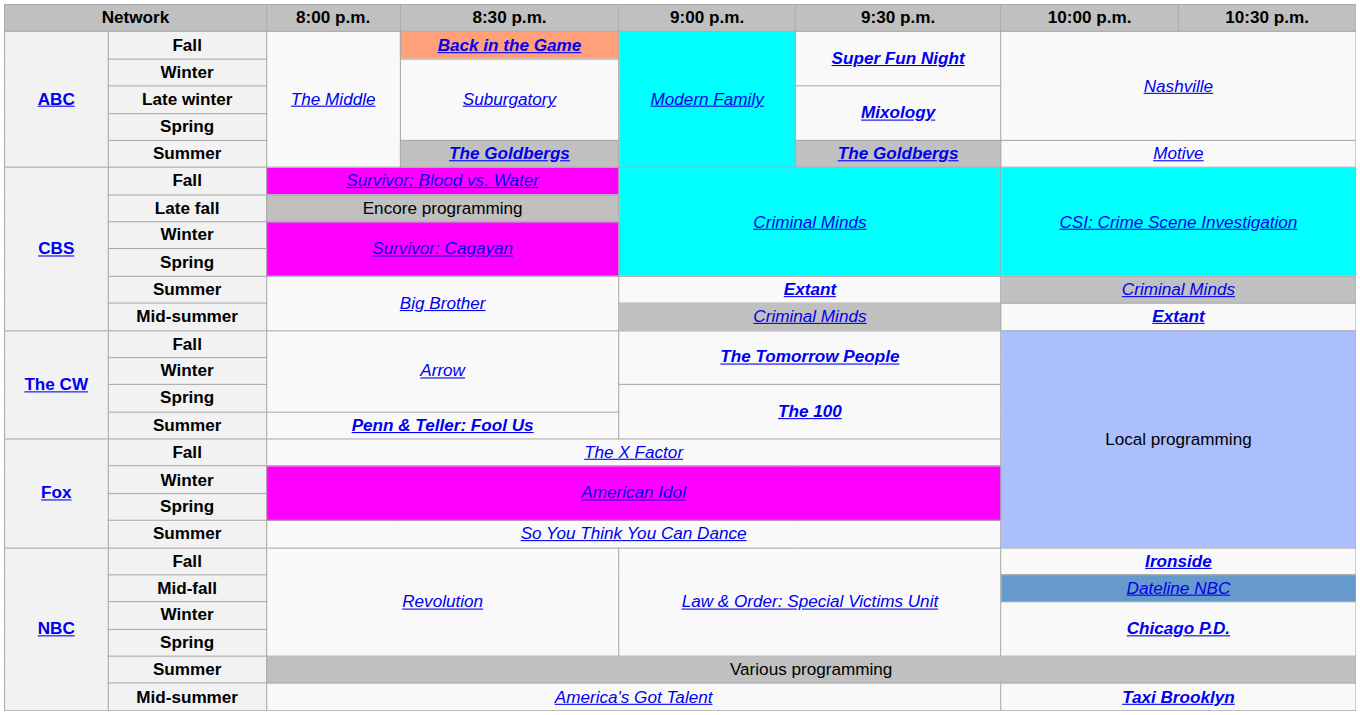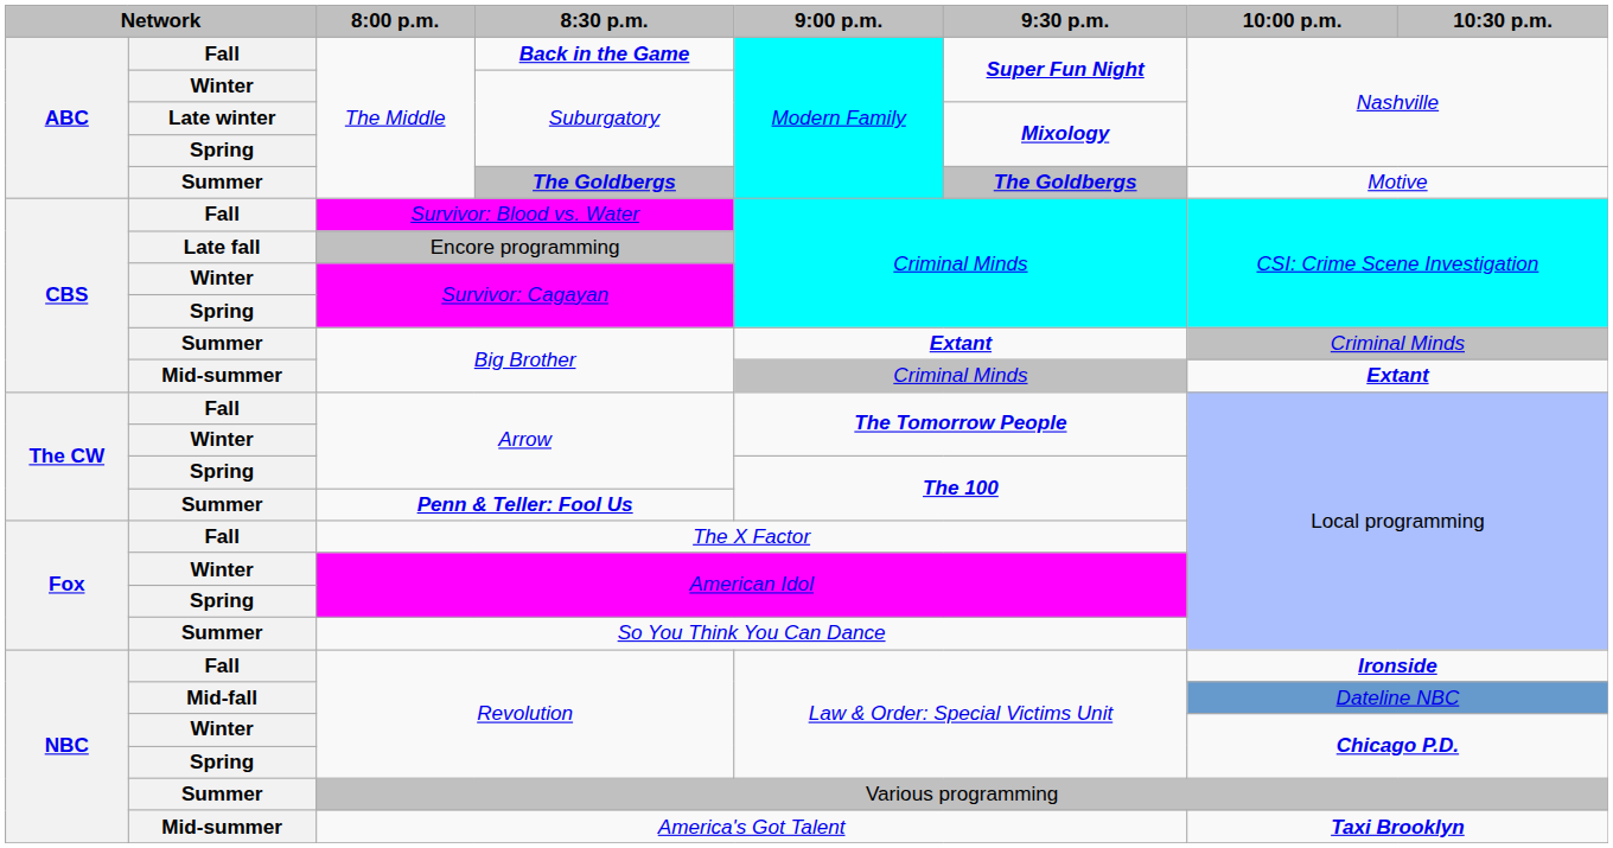 <table class="wikitable" style="width:100%;margin-right:0;text-align:center">
 <tr>
 <th colspan="2" style="background-color:#C0C0C0;text-align:center">Network</th>
 <th style="background-color:#C0C0C0;text-align:center">8:00 p.m.</th>
 <th style="background-color:#C0C0C0;text-align:center">8:30 p.m.</th>
 <th style="background-color:#C0C0C0;text-align:center">9:00 p.m.</th>
 <th style="background-color:#C0C0C0;text-align:center">9:30 p.m.</th>
 <th style="background-color:#C0C0C0;text-align:center">10:00 p.m.</th>
 <th style="background-color:#C0C0C0;text-align:center">10:30 p.m.</th>
 </tr>
 <tr>
 <th rowspan="5"><a href='#'>ABC</a></th>
 <th>Fall</th>
 <td rowspan="5"><em><a href='#'>The Middle</a></em></td>
-<td style="background: lightsalmon;"><strong><em><a href='#'>Back in the Game</a></em></strong></td>
+<td><strong><em><a href='#'>Back in the Game</a></em></strong></td>
 <td style="background:#00FFFF;" rowspan="5"><em><a href='#'>Modern Family</a></em> </td>
 <td rowspan="2"><strong><em><a href='#'>Super Fun Night</a></em></strong></td>
 <td colspan="2" rowspan="4"><em><a href='#'>Nashville</a></em></td>
 </tr>
 <tr>
 <th>Winter</th>
 <td rowspan="3"><em><a href='#'>Suburgatory</a></em></td>
 </tr>
 <tr>
 <th>Late winter</th>
 <td rowspan="2"><strong><em><a href='#'>Mixology</a></em></strong></td>
 </tr>
 <tr>
 <th>Spring</th>
 </tr>
 <tr>
 <th>Summer</th>
 <td style="background:#C0C0C0;"><strong><em><a href='#'>The Goldbergs</a></em></strong> </td>
 <td style="background:#C0C0C0;"><strong><em><a href='#'>The Goldbergs</a></em></strong> </td>
 <td colspan="2"><em><a href='#'>Motive</a></em></td>
 </tr>
 <tr>
 <th rowspan="6"><a href='#'>CBS</a></th>
 <th>Fall</th>
 <td style="background:#FF00FF;" colspan="2"><em><a href='#'>Survivor: Blood vs. Water</a></em> </td>
 <td style="background:#00FFFF;" colspan="2" rowspan="4"><em><a href='#'>Criminal Minds</a></em> </td>
 <td style="background:#00FFFF;" colspan="2" rowspan="4"><em><a href='#'>CSI: Crime Scene Investigation</a></em> </td>
 </tr>
 <tr>
 <th>Late fall</th>
 <td style="background:#C0C0C0;" colspan="2">Encore programming</td>
 </tr>
 <tr>
 <th>Winter</th>
 <td style="background:#FF00FF;" colspan="2" rowspan="2"><em><a href='#'>Survivor: Cagayan</a></em> </td>
 </tr>
 <tr>
 <th>Spring</th>
 </tr>
 <tr>
 <th>Summer</th>
 <td rowspan="2" colspan="2"><em><a href='#'>Big Brother</a></em></td>
 <td colspan="2"><strong><em><a href='#'>Extant</a></em></strong></td>
 <td colspan="2" style="background:#C0C0C0;"><em><a href='#'>Criminal Minds</a></em> </td>
 </tr>
 <tr>
 <th>Mid-summer</th>
 <td colspan="2" style="background:#C0C0C0;"><em><a href='#'>Criminal Minds</a></em> </td>
 <td colspan="2"><strong><em><a href='#'>Extant</a></em></strong></td>
 </tr>
 <tr>
 <th rowspan="4"><a href='#'>The CW</a></th>
 <th>Fall</th>
 <td rowspan="3" colspan="2"><em><a href='#'>Arrow</a></em></td>
 <td rowspan="2" colspan="2"><strong><em><a href='#'>The Tomorrow People</a></em></strong></td>
 <td style="background:#abbfff;" colspan="2" rowspan="8">Local programming</td>
 </tr>
 <tr>
 <th>Winter</th>
 </tr>
 <tr>
 <th>Spring</th>
 <td colspan="2" rowspan="2"><strong><em><a href='#'>The 100</a></em></strong></td>
 </tr>
 <tr>
 <th>Summer</th>
 <td colspan="2"><strong><em><a href='#'>Penn & Teller: Fool Us</a></em></strong></td>
 </tr>
 <tr>
 <th rowspan="4"><a href='#'>Fox</a></th>
 <th>Fall</th>
 <td colspan="4"><em><a href='#'>The X Factor</a></em></td>
 </tr>
 <tr>
 <th>Winter</th>
 <td style="background:#FF00FF;" colspan="4" rowspan="2"><em><a href='#'>American Idol</a></em> </td>
 </tr>
 <tr>
 <th>Spring</th>
 </tr>
 <tr>
 <th>Summer</th>
 <td colspan="4"><em><a href='#'>So You Think You Can Dance</a></em></td>
 </tr>
 <tr>
 <th rowspan="6"><a href='#'>NBC</a></th>
 <th>Fall</th>
 <td colspan="2" rowspan="4"><em><a href='#'>Revolution</a></em></td>
 <td colspan="2" rowspan="4"><em><a href='#'>Law & Order: Special Victims Unit</a></em></td>
 <td colspan="2"><strong><em><a href='#'>Ironside</a></em></strong></td>
 </tr>
 <tr>
 <th>Mid-fall</th>
 <td style="background:#6699CC;" colspan="2"><em><a href='#'>Dateline NBC</a></em></td>
 </tr>
 <tr>
 <th>Winter</th>
 <td colspan="2" rowspan="2"><strong><em><a href='#'>Chicago P.D.</a></em></strong></td>
 </tr>
 <tr>
 <th>Spring</th>
 </tr>
 <tr>
 <th>Summer</th>
 <td style="background:#C0C0C0;" colspan="6">Various programming</td>
 </tr>
 <tr>
 <th>Mid-summer</th>
 <td colspan="4"><em><a href='#'>America's Got Talent</a></em></td>
 <td colspan="2"><strong><em><a href='#'>Taxi Brooklyn</a></em></strong></td>
 </tr>
 </table>
